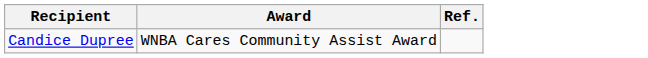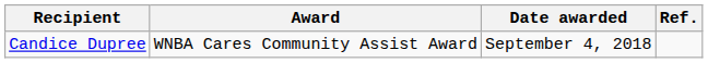 <table class="wikitable sortable sortable" style="text-align: center">
 <tr>
 <th>Recipient</th>
 <th>Award</th>
+<th>Date awarded</th>
 <th>Ref.</th>
 </tr>
 <tr>
 <td><a href='#'>Candice Dupree</a></td>
 <td>WNBA Cares Community Assist Award</td>
+<td>September 4, 2018</td>
 <td></td>
 </tr>
 </table>
